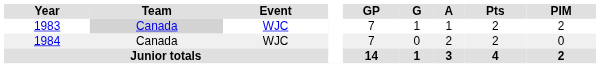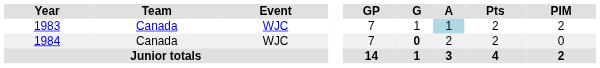 <table border="0" cellpadding="1" cellspacing="0" style="text-align:center; width:50em;">
 <tr bgcolor="#e0e0e0">
 <th>Year</th>
 <th>Team</th>
 <th>Event</th>
 <th rowspan="99" bgcolor="#ffffff"> </th>
 <th>GP</th>
 <th>G</th>
 <th>A</th>
 <th>Pts</th>
 <th>PIM</th>
 </tr>
 <tr>
 <td><a href='#'>1983</a></td>
-<td style="background: lightgrey;"><a href='#'>Canada</a></td>
+<td><a href='#'>Canada</a></td>
 <td><a href='#'>WJC</a></td>
 <td>7</td>
 <td>1</td>
-<td>1</td>
+<td style="background: lightblue;">1</td>
 <td>2</td>
 <td>2</td>
 </tr>
 <tr bgcolor="#f0f0f0">
 <td><a href='#'>1984</a></td>
 <td>Canada</td>
 <td>WJC</td>
 <td>7</td>
-<td>0</td>
+<td><strong>0</strong></td>
 <td>2</td>
 <td>2</td>
 <td>0</td>
 </tr>
 <tr bgcolor="#e0e0e0">
 <th colspan="3">Junior totals</th>
 <th>14</th>
 <th>1</th>
 <th>3</th>
 <th>4</th>
 <th>2</th>
 </tr>
 </table>
